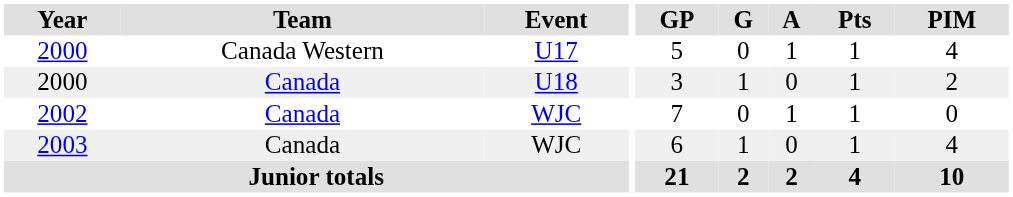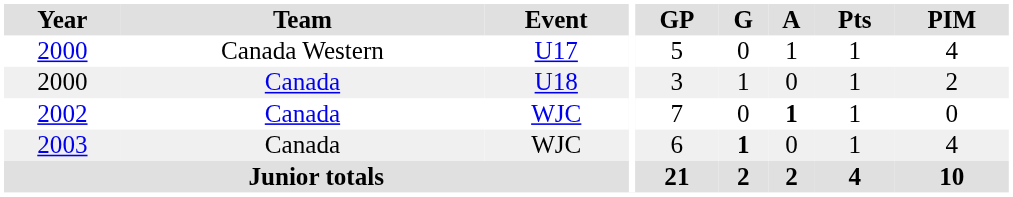 <table border="0" cellpadding="1" cellspacing="0" ID="Table3" style="text-align:center; width:40em">
 <tr ALIGN="center" bgcolor="#e0e0e0">
 <th>Year</th>
 <th>Team</th>
 <th>Event</th>
 <th rowspan="99" bgcolor="#ffffff"></th>
 <th>GP</th>
 <th>G</th>
 <th>A</th>
 <th>Pts</th>
 <th>PIM</th>
 </tr>
 <tr>
 <td><a href='#'>2000</a></td>
 <td>Canada Western</td>
 <td><a href='#'>U17</a></td>
 <td>5</td>
 <td>0</td>
 <td>1</td>
 <td>1</td>
 <td>4</td>
 </tr>
 <tr bgcolor="#f0f0f0">
 <td>2000</td>
 <td><a href='#'>Canada</a></td>
 <td><a href='#'>U18</a></td>
 <td>3</td>
 <td>1</td>
 <td>0</td>
 <td>1</td>
 <td>2</td>
 </tr>
 <tr>
 <td><a href='#'>2002</a></td>
 <td><a href='#'>Canada</a></td>
 <td><a href='#'>WJC</a></td>
 <td>7</td>
 <td>0</td>
-<td>1</td>
+<td><strong>1</strong></td>
 <td>1</td>
 <td>0</td>
 </tr>
 <tr bgcolor="#f0f0f0">
 <td><a href='#'>2003</a></td>
 <td>Canada</td>
 <td>WJC</td>
 <td>6</td>
-<td>1</td>
+<td><strong>1</strong></td>
 <td>0</td>
 <td>1</td>
 <td>4</td>
 </tr>
 <tr bgcolor="#e0e0e0">
 <th colspan="3">Junior totals</th>
 <th>21</th>
 <th>2</th>
 <th>2</th>
 <th>4</th>
 <th>10</th>
 </tr>
 </table>
